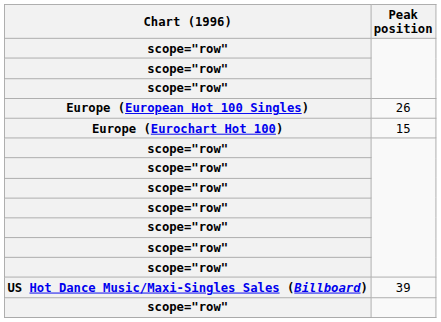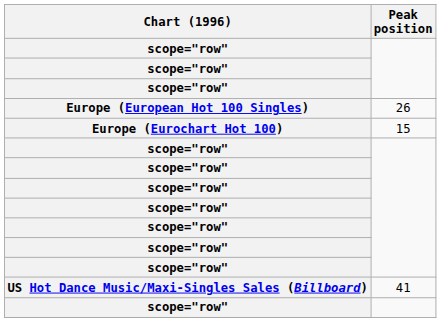 <table class="wikitable sortable plainrowheaders" style="text-align:center;">
 <tr>
 <th scope="col">Chart (1996)</th>
 <th scope="col">Peak<br>position</th>
 </tr>
 <tr>
 <th>scope="row"</th>
 </tr>
 <tr>
 <th>scope="row"</th>
 </tr>
 <tr>
 <th>scope="row"</th>
 </tr>
 <tr>
 <th scope="row">Europe (<a href='#'>European Hot 100 Singles</a>)</th>
 <td>26</td>
 </tr>
 <tr>
 <th scope="row">Europe (<a href='#'>Eurochart Hot 100</a>)</th>
 <td>15</td>
 </tr>
 <tr>
 <th>scope="row"</th>
 </tr>
 <tr>
 <th>scope="row"</th>
 </tr>
 <tr>
 <th>scope="row"</th>
 </tr>
 <tr>
 <th>scope="row"</th>
 </tr>
 <tr>
 <th>scope="row"</th>
 </tr>
 <tr>
 <th>scope="row"</th>
 </tr>
 <tr>
 <th>scope="row"</th>
 </tr>
 <tr>
 <th scope="row">US <a href='#'>Hot Dance Music/Maxi-Singles Sales</a> (<a href='#'><em>Billboard</em></a>)</th>
-<td>39</td>
+<td>41</td>
 </tr>
 <tr>
 <th>scope="row"</th>
 </tr>
 <tr>
 </tr>
 </table>
